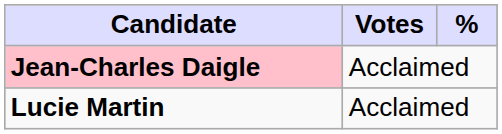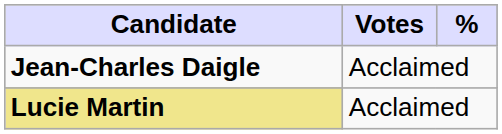 <table class="wikitable">
 <tr>
 <th style="background:#ddf; width:200px;">Candidate</th>
 <th style="background:#ddf; width:50px;">Votes</th>
 <th style="background:#ddf; width:30px;">%</th>
 </tr>
 <tr>
-<td style="background: pink;"><strong>Jean-Charles Daigle</strong></td>
+<td><strong>Jean-Charles Daigle</strong></td>
 <td colspan="2">Acclaimed</td>
 </tr>
 <tr>
-<td><strong>Lucie Martin</strong></td>
+<td style="background: khaki;"><strong>Lucie Martin</strong></td>
 <td colspan="2">Acclaimed</td>
 </tr>
 </table>
